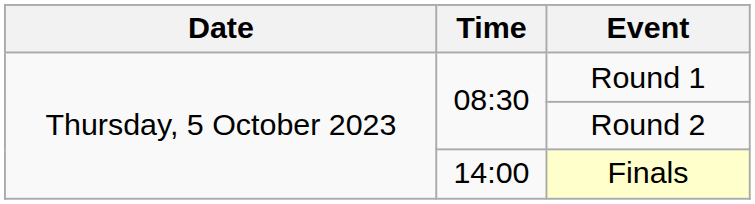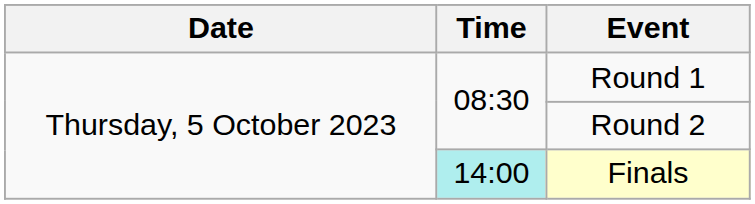 <table class = "wikitable" style="text-align:center;">
 <tr>
 <th width=220>Date</th>
 <th width=50>Time</th>
 <th width=100>Event</th>
 </tr>
 <tr>
 <td rowspan=3>Thursday, 5 October 2023</td>
 <td rowspan=2>08:30</td>
 <td>Round 1</td>
 </tr>
 <tr>
 <td>Round 2</td>
 </tr>
 <tr>
-<td>14:00</td>
+<td style="background: paleturquoise;">14:00</td>
 <td bgcolor=ffffcc>Finals</td>
 </tr>
 </table>
